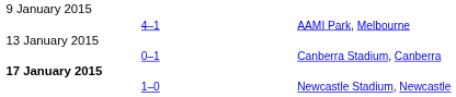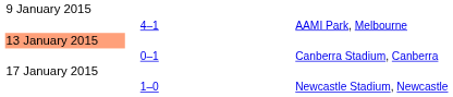 <table style="width:100%" cellspacing="1">
 <tr>
 <th width=25%></th>
 <th width=10%></th>
 <th width=25%></th>
 </tr>
 <tr>
 <td>9 January 2015</td>
 </tr>
 <tr style=font-size:90%>
 <td align=right></td>
 <td align=center><a href='#'>4–1</a></td>
 <td></td>
 <td><a href='#'>AAMI Park</a>, <a href='#'>Melbourne</a></td>
 </tr>
 <tr>
-<td>13 January 2015</td>
+<td style="background: lightsalmon;">13 January 2015</td>
 </tr>
 <tr style=font-size:90%>
 <td align=right></td>
 <td align=center><a href='#'>0–1</a></td>
 <td></td>
 <td><a href='#'>Canberra Stadium</a>, <a href='#'>Canberra</a></td>
 </tr>
 <tr>
-<td><strong>17 January 2015</strong></td>
+<td>17 January 2015</td>
 </tr>
 <tr style=font-size:90%>
 <td align=right></td>
 <td align=center><a href='#'>1–0</a></td>
 <td></td>
 <td><a href='#'>Newcastle Stadium</a>, <a href='#'>Newcastle</a></td>
 </tr>
 </table>
